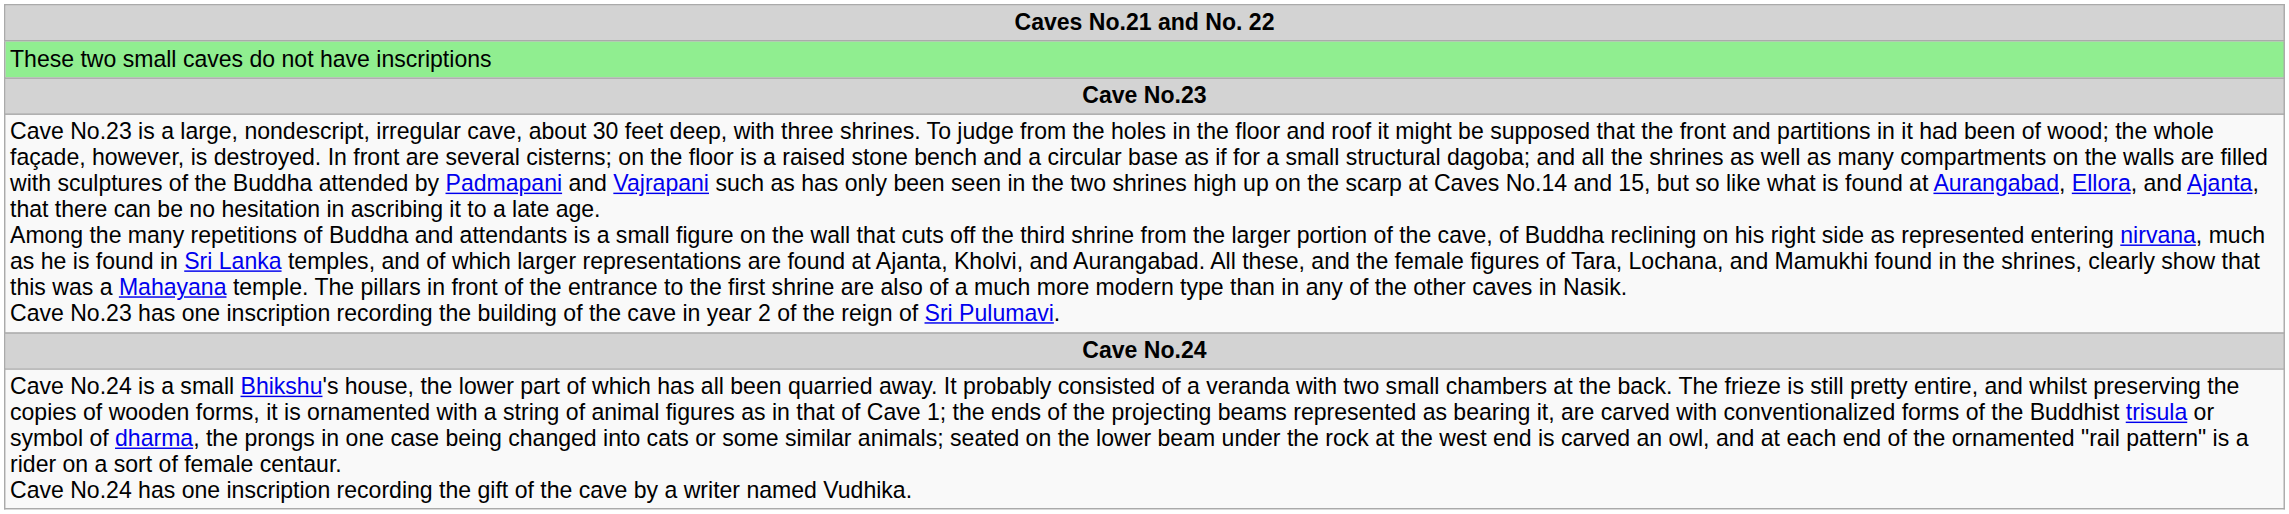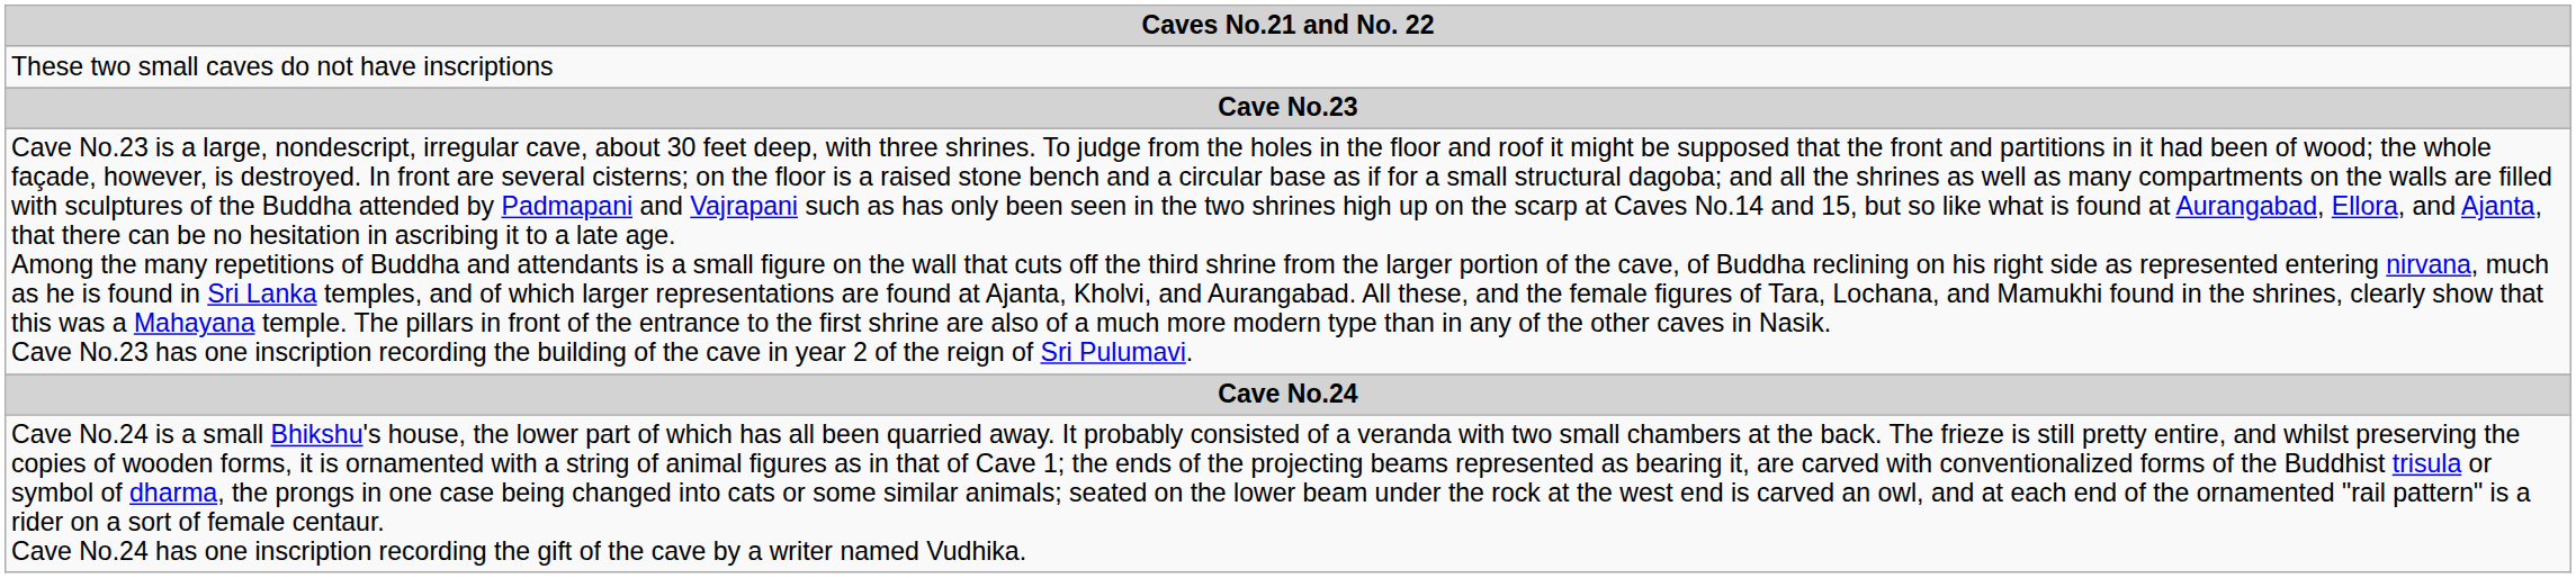 <table class="wikitable" style="margin:0 auto;"  align="center"  colspan="2" cellpadding="3" style="font-size: 80%; width: 100%;">
 <tr>
 <td align=center colspan=2 style="background:#D3D3D3; font-size: 100%;"><strong>Caves No.21 and No. 22</strong></td>
 </tr>
 <tr>
-<td style="background: lightgreen;">These two small caves do not have inscriptions<br></td>
+<td>These two small caves do not have inscriptions<br></td>
 </tr>
 <tr>
 <td align=center colspan=2 style="background:#D3D3D3; font-size: 100%;"><strong>Cave No.23</strong></td>
 </tr>
 <tr>
 <td>Cave No.23 is a large, nondescript, irregular cave, about 30 feet deep, with three shrines. To judge from the holes in the floor and roof it might be supposed that the front and partitions in it had been of wood; the whole façade, however, is destroyed. In front are several cisterns; on the floor is a raised stone bench and a circular base as if for a small structural dagoba; and all the shrines as well as many compartments on the walls are filled with sculptures of the Buddha attended by <a href='#'>Padmapani</a> and <a href='#'>Vajrapani</a> such as has only been seen in the two shrines high up on the scarp at Caves No.14 and 15, but so like what is found at <a href='#'>Aurangabad</a>, <a href='#'>Ellora</a>, and <a href='#'>Ajanta</a>, that there can be no hesitation in ascribing it to a late age.<br>Among the many repetitions of Buddha and attendants is a small figure on the wall that cuts off the third shrine from the larger portion of the cave, of Buddha reclining on his right side as represented entering <a href='#'>nirvana</a>, much as he is found in <a href='#'>Sri Lanka</a> temples, and of which larger representations are found at Ajanta, Kholvi, and Aurangabad. All these, and the female figures of Tara, Lochana, and Mamukhi found in the shrines, clearly show that this was a <a href='#'>Mahayana</a> temple. The pillars in front of the entrance to the first shrine are also of a much more modern type than in any of the other caves in Nasik.<br>Cave No.23 has one inscription recording the building of the cave in year 2 of the reign of <a href='#'>Sri Pulumavi</a>.<br>  </td>
 </tr>
 <tr>
 <td align=center colspan=2 style="background:#D3D3D3; font-size: 100%;"><strong>Cave No.24</strong></td>
 </tr>
 <tr>
 <td>Cave No.24 is a small <a href='#'>Bhikshu</a>'s house, the lower part of which has all been quarried away. It probably consisted of a veranda with two small chambers at the back. The frieze is still pretty entire, and whilst preserving the copies of wooden forms, it is ornamented with a string of animal figures as in that of Cave 1; the ends of the projecting beams represented as bearing it, are carved with conventionalized forms of the Buddhist <a href='#'>trisula</a> or symbol of <a href='#'>dharma</a>, the prongs in one case being changed into cats or some similar animals; seated on the lower beam under the rock at the west end is carved an owl, and at each end of the ornamented "rail pattern" is a rider on a sort of female centaur.<br>Cave No.24 has one inscription recording the gift of the cave by a writer named Vudhika.<br>  </td>
 </tr>
 </table>
